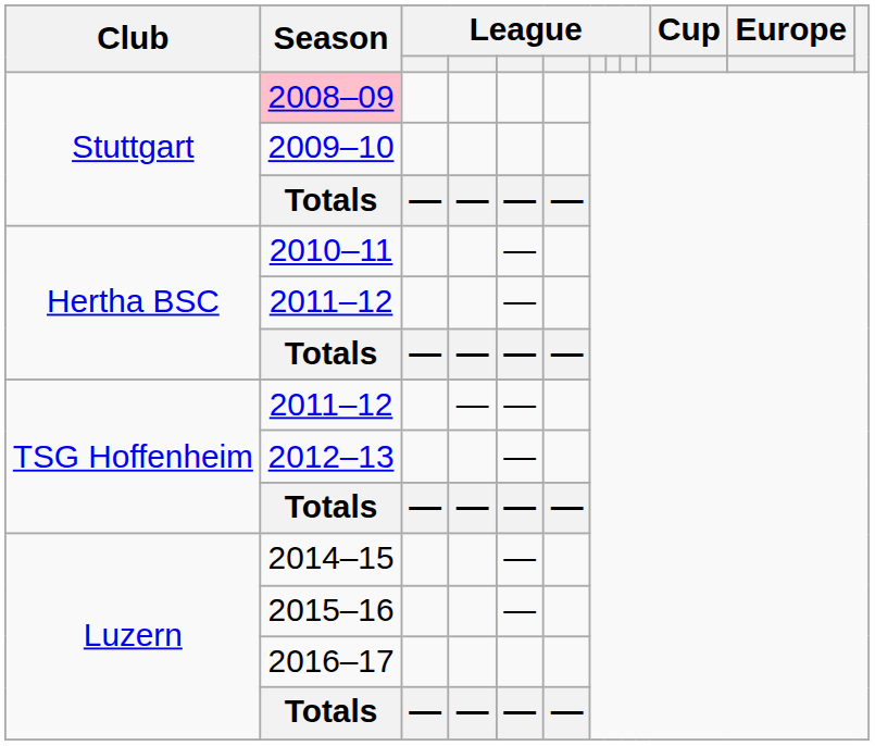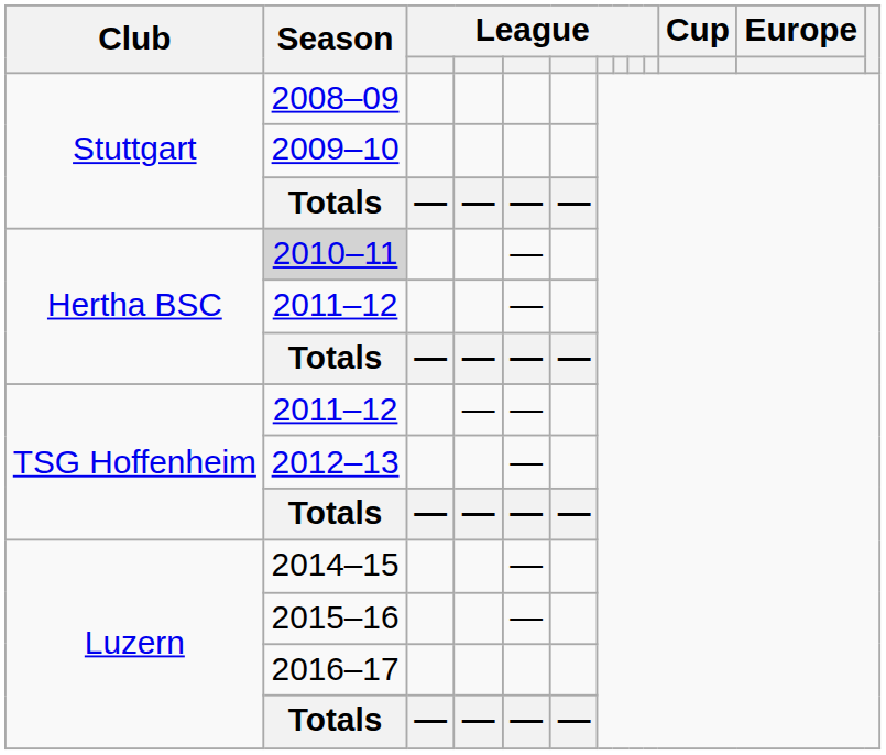 <table class="wikitable" style="text-align: center">
 <tr>
 <th rowspan="2">Club</th>
 <th rowspan="2">Season</th>
 <th colspan="8">League</th>
 <th>Cup</th>
 <th>Europe</th>
 <th rowspan="2"></th>
 </tr>
 <tr>
 <th></th>
 <th></th>
 <th></th>
 <th></th>
 <th></th>
 <th></th>
 <th></th>
 <th></th>
 <th></th>
 <th></th>
 </tr>
 <tr>
 <td rowspan="3"><a href='#'>Stuttgart</a></td>
-<td style="background: pink;"><a href='#'>2008–09</a><br></td>
+<td><a href='#'>2008–09</a><br></td>
 <td></td>
 <td></td>
 <td></td>
 <td></td>
 </tr>
 <tr>
 <td><a href='#'>2009–10</a><br></td>
 <td></td>
 <td></td>
 <td></td>
 <td></td>
 </tr>
 <tr>
 <th>Totals<br></th>
 <th>—</th>
 <th>—</th>
 <th>—</th>
 <th>—</th>
 </tr>
 <tr>
 <td rowspan="3"><a href='#'>Hertha BSC</a></td>
-<td><a href='#'>2010–11</a><br></td>
+<td style="background: lightgrey;"><a href='#'>2010–11</a><br></td>
 <td></td>
 <td></td>
 <td>—</td>
 <td></td>
 </tr>
 <tr>
 <td><a href='#'>2011–12</a><br></td>
 <td></td>
 <td></td>
 <td>—</td>
 <td></td>
 </tr>
 <tr>
 <th>Totals<br></th>
 <th>—</th>
 <th>—</th>
 <th>—</th>
 <th>—</th>
 </tr>
 <tr>
 <td rowspan="3"><a href='#'>TSG Hoffenheim</a></td>
 <td><a href='#'>2011–12</a><br></td>
 <td></td>
 <td>—</td>
 <td>—</td>
 <td></td>
 </tr>
 <tr>
 <td><a href='#'>2012–13</a><br></td>
 <td></td>
 <td></td>
 <td>—</td>
 <td></td>
 </tr>
 <tr>
 <th>Totals<br></th>
 <th>—</th>
 <th>—</th>
 <th>—</th>
 <th>—</th>
 </tr>
 <tr>
 <td rowspan="4"><a href='#'>Luzern</a></td>
 <td>2014–15<br></td>
 <td></td>
 <td></td>
 <td>—</td>
 <td></td>
 </tr>
 <tr>
 <td>2015–16<br></td>
 <td></td>
 <td></td>
 <td>—</td>
 <td></td>
 </tr>
 <tr>
 <td>2016–17<br></td>
 <td></td>
 <td></td>
 <td></td>
 <td></td>
 </tr>
 <tr>
 <th>Totals<br></th>
 <th>—</th>
 <th>—</th>
 <th>—</th>
 <th>—</th>
 </tr>
 </table>
